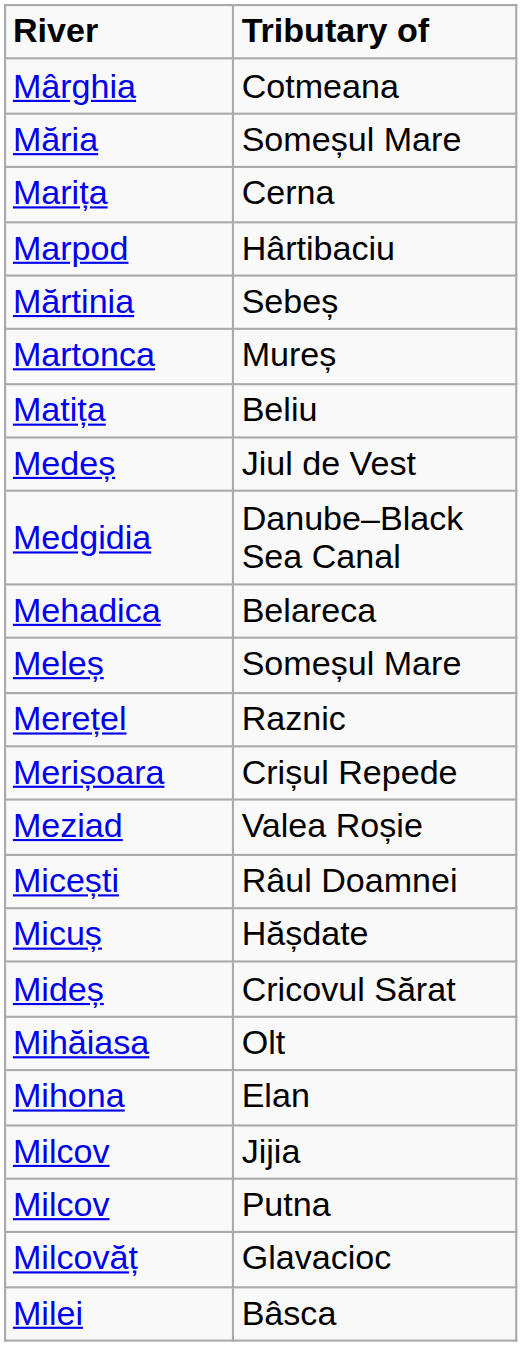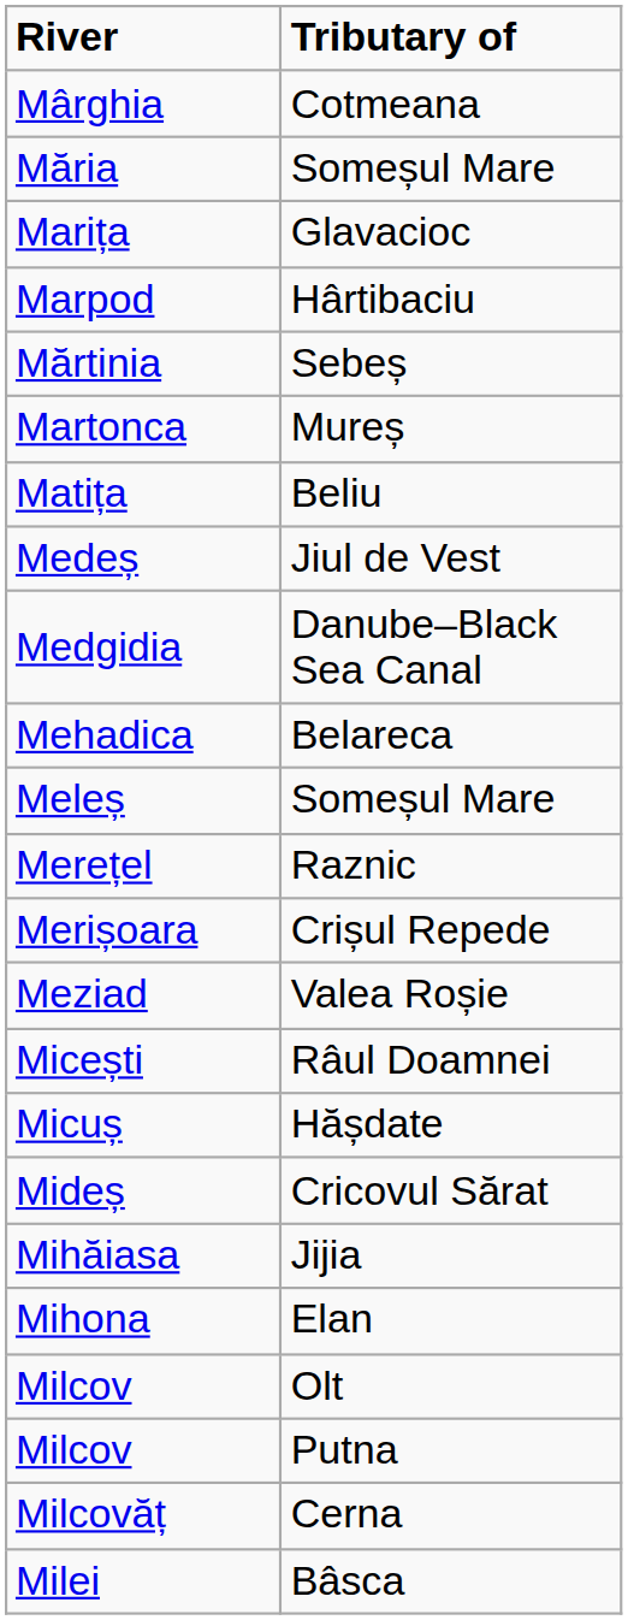 <table class="wikitable">
 <tr>
 <td width="100pt"><strong>River</strong></td>
 <td width="125pt"><strong>Tributary of</strong></td>
 </tr>
 <tr>
 <td><a href='#'>Mârghia</a></td>
 <td>Cotmeana</td>
 </tr>
 <tr>
 <td><a href='#'>Măria</a></td>
 <td>Someșul Mare</td>
 </tr>
 <tr>
 <td><a href='#'>Marița</a></td>
-<td>Cerna</td>
+<td>Glavacioc</td>
 </tr>
 <tr>
 <td><a href='#'>Marpod</a></td>
 <td>Hârtibaciu</td>
 </tr>
 <tr>
 <td><a href='#'>Mărtinia</a></td>
 <td>Sebeș</td>
 </tr>
 <tr>
 <td><a href='#'>Martonca</a></td>
 <td>Mureș</td>
 </tr>
 <tr>
 <td><a href='#'>Matița</a></td>
 <td>Beliu</td>
 </tr>
 <tr>
 <td><a href='#'>Medeș</a></td>
 <td>Jiul de Vest</td>
 </tr>
 <tr>
 <td><a href='#'>Medgidia</a></td>
 <td>Danube–Black Sea Canal</td>
 </tr>
 <tr>
 <td><a href='#'>Mehadica</a></td>
 <td>Belareca</td>
 </tr>
 <tr>
 <td><a href='#'>Meleș</a></td>
 <td>Someșul Mare</td>
 </tr>
 <tr>
 <td><a href='#'>Merețel</a></td>
 <td>Raznic</td>
 </tr>
 <tr>
 <td><a href='#'>Merișoara</a></td>
 <td>Crișul Repede</td>
 </tr>
 <tr>
 <td><a href='#'>Meziad</a></td>
 <td>Valea Roșie</td>
 </tr>
 <tr>
 <td><a href='#'>Micești</a></td>
 <td>Râul Doamnei</td>
 </tr>
 <tr>
 <td><a href='#'>Micuș</a></td>
 <td>Hășdate</td>
 </tr>
 <tr>
 <td><a href='#'>Mideș</a></td>
 <td>Cricovul Sărat</td>
 </tr>
 <tr>
 <td><a href='#'>Mihăiasa</a></td>
-<td>Olt</td>
+<td>Jijia</td>
 </tr>
 <tr>
 <td><a href='#'>Mihona</a></td>
 <td>Elan</td>
 </tr>
 <tr>
 <td><a href='#'>Milcov</a></td>
-<td>Jijia</td>
+<td>Olt</td>
 </tr>
 <tr>
 <td><a href='#'>Milcov</a></td>
 <td>Putna</td>
 </tr>
 <tr>
 <td><a href='#'>Milcovăț</a></td>
-<td>Glavacioc</td>
+<td>Cerna</td>
 </tr>
 <tr>
 <td><a href='#'>Milei</a></td>
 <td>Bâsca</td>
 </tr>
 </table>
